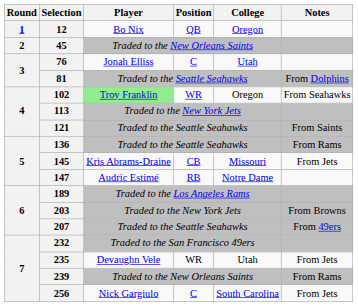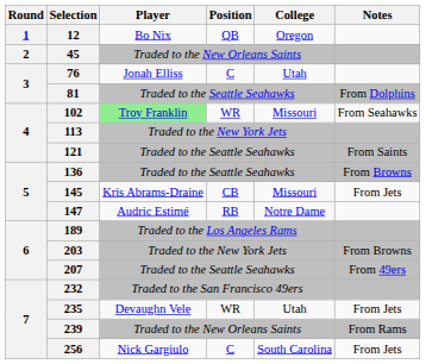 <table class="wikitable" style="text-align:center">
 <tr>
 <th>Round</th>
 <th>Selection</th>
 <th>Player</th>
 <th>Position</th>
 <th>College</th>
 <th>Notes</th>
 </tr>
 <tr>
 <th><a href='#'>1</a></th>
 <th>12</th>
 <td><a href='#'>Bo Nix</a></td>
 <td><a href='#'>QB</a></td>
 <td><a href='#'>Oregon</a></td>
 <td></td>
 </tr>
 <tr>
 <th>2</th>
 <th>45</th>
 <td colspan="3" style="background:#BFBFBF"><em>Traded to the <a href='#'>New Orleans Saints</a></em></td>
 <td style="background:#BFBFBF"></td>
 </tr>
 <tr>
 <th rowspan="2">3</th>
 <th>76</th>
 <td><a href='#'>Jonah Elliss</a></td>
 <td><a href='#'>C</a></td>
 <td><a href='#'>Utah</a></td>
 <td></td>
 </tr>
 <tr>
 <th>81</th>
 <td colspan="3" style="background:#BFBFBF"><em>Traded to the <a href='#'>Seattle Seahawks</a></em></td>
 <td style="background:#BFBFBF">From <a href='#'>Dolphins</a></td>
 </tr>
 <tr>
 <th rowspan="3">4</th>
 <th>102</th>
 <td style="background: lightgreen;"><a href='#'>Troy Franklin</a></td>
 <td><a href='#'>WR</a></td>
-<td>Oregon</td>
+<td><a href='#'>Missouri</a></td>
 <td>From Seahawks</td>
 </tr>
 <tr>
 <th>113</th>
 <td colspan="3" style="background:#BFBFBF"><em>Traded to the <a href='#'>New York Jets</a></em></td>
 <td style="background:#BFBFBF"></td>
 </tr>
 <tr>
 <th>121</th>
 <td colspan="3" style="background:#BFBFBF"><em>Traded to the Seattle Seahawks</em></td>
 <td style="background:#BFBFBF">From Saints</td>
 </tr>
 <tr>
 <th rowspan="3">5</th>
 <th>136</th>
 <td colspan="3" style="background:#BFBFBF"><em>Traded to the Seattle Seahawks</em></td>
-<td style="background:#BFBFBF">From Rams</td>
+<td style="background:#BFBFBF">From <a href='#'>Browns</a></td>
 </tr>
 <tr>
 <th>145</th>
 <td><a href='#'>Kris Abrams-Draine</a></td>
 <td><a href='#'>CB</a></td>
 <td><a href='#'>Missouri</a></td>
 <td>From Jets</td>
 </tr>
 <tr>
 <th>147</th>
 <td><a href='#'>Audric Estimé</a></td>
 <td><a href='#'>RB</a></td>
 <td><a href='#'>Notre Dame</a></td>
 <td></td>
 </tr>
 <tr>
 <th rowspan="3">6</th>
 <th>189</th>
 <td colspan="3" style="background:#BFBFBF"><em>Traded to the <a href='#'>Los Angeles Rams</a></em></td>
 <td style="background:#BFBFBF"></td>
 </tr>
 <tr>
 <th>203</th>
 <td colspan="3" style="background:#BFBFBF"><em>Traded to the New York Jets</em></td>
 <td style="background:#BFBFBF">From Browns</td>
 </tr>
 <tr>
 <th>207</th>
 <td colspan="3" style="background:#BFBFBF"><em>Traded to the Seattle Seahawks</em></td>
 <td style="background:#BFBFBF">From <a href='#'>49ers</a></td>
 </tr>
 <tr>
 <th rowspan="4">7</th>
 <th>232</th>
 <td colspan="3" style="background:#BFBFBF"><em>Traded to the San Francisco 49ers</em></td>
 <td style="background:#BFBFBF"></td>
 </tr>
 <tr>
 <th>235</th>
 <td><a href='#'>Devaughn Vele</a></td>
 <td>WR</td>
 <td>Utah</td>
 <td>From Jets</td>
 </tr>
 <tr>
 <th>239</th>
 <td colspan="3" style="background:#BFBFBF"><em>Traded to the New Orleans Saints</em></td>
 <td style="background:#BFBFBF">From Rams</td>
 </tr>
 <tr>
 <th>256</th>
 <td><a href='#'>Nick Gargiulo</a></td>
 <td><a href='#'>C</a></td>
 <td><a href='#'>South Carolina</a></td>
 <td>From Jets</td>
 </tr>
 </table>
